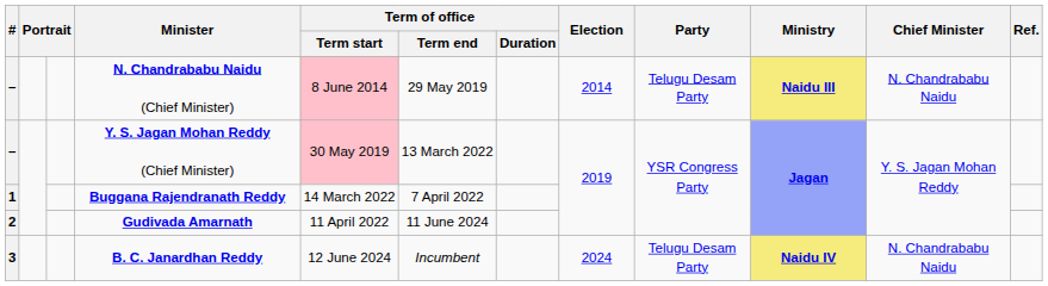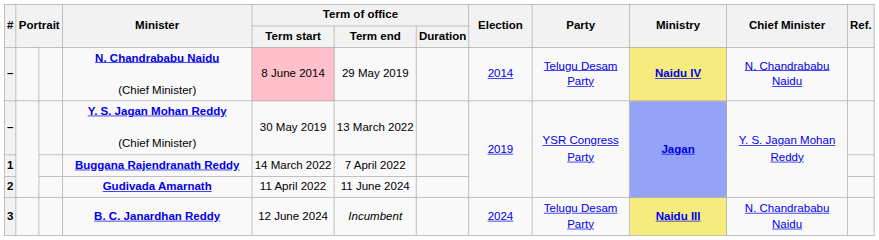 <table class="wikitable" style="line-height:1.4em; text-align:center">
 <tr>
 <th rowspan=2>#</th>
 <th rowspan=2 colspan="2">Portrait</th>
 <th rowspan=2 style="width:16em">Minister<br></th>
 <th colspan="3">Term of office</th>
 <th rowspan=2 style="width:5em">Election<br></th>
 <th rowspan=2 style="width:8em">Party</th>
 <th rowspan=2 style="width:8em">Ministry</th>
 <th rowspan=2 style="width:10em">Chief Minister</th>
 <th rowspan=2>Ref.</th>
 </tr>
 <tr>
 <th>Term start</th>
 <th>Term end</th>
 <th>Duration</th>
 </tr>
 <tr>
 <th>–</th>
 <td></td>
 <td></td>
 <td><strong><a href='#'>N. Chandrababu Naidu</a></strong><br><br>(Chief Minister)</td>
 <td style="background: pink;">8 June 2014</td>
 <td>29 May 2019</td>
 <td><strong></strong></td>
 <td><a href='#'>2014</a><br></td>
 <td><a href='#'>Telugu Desam Party</a></td>
-<td bgcolor="#F5EC7D"><strong><a href='#'>Naidu III</a></strong></td>
+<td bgcolor="#F5EC7D"><strong><a href='#'>Naidu IV</a></strong></td>
 <td><a href='#'>N. Chandrababu Naidu</a></td>
 <td></td>
 </tr>
 <tr>
 <th>–</th>
 <td rowspan=3></td>
 <td></td>
 <td><strong><a href='#'>Y. S. Jagan Mohan Reddy</a></strong><br><br>(Chief Minister)</td>
-<td style="background: pink;">30 May 2019</td>
+<td>30 May 2019</td>
 <td>13 March 2022</td>
 <td><strong></strong></td>
 <td rowspan=3><a href='#'>2019</a><br></td>
 <td rowspan="3"><a href='#'>YSR Congress Party</a></td>
 <td rowspan=3 bgcolor="#94A2F7"><strong><a href='#'>Jagan</a></strong></td>
 <td rowspan="3"><a href='#'>Y. S. Jagan Mohan Reddy</a></td>
 <td></td>
 </tr>
 <tr>
 <th>1</th>
 <td></td>
 <td><strong><a href='#'>Buggana Rajendranath Reddy</a></strong><br></td>
 <td>14 March 2022</td>
 <td>7 April 2022</td>
 <td><strong></strong></td>
 <td></td>
 </tr>
 <tr>
 <th>2</th>
 <td></td>
 <td><strong><a href='#'>Gudivada Amarnath</a></strong><br></td>
 <td>11 April 2022</td>
 <td>11 June 2024</td>
 <td><strong></strong></td>
 <td></td>
 </tr>
 <tr>
 <th>3</th>
 <td></td>
 <td></td>
 <td><strong><a href='#'>B. C. Janardhan Reddy</a></strong><br></td>
 <td>12 June 2024</td>
 <td><em>Incumbent</em></td>
 <td><strong></strong></td>
 <td><a href='#'>2024</a><br></td>
 <td><a href='#'>Telugu Desam Party</a></td>
-<td bgcolor="#F5EC7D"><strong><a href='#'>Naidu IV</a></strong></td>
+<td bgcolor="#F5EC7D"><strong><a href='#'>Naidu III</a></strong></td>
 <td><a href='#'>N. Chandrababu Naidu</a></td>
 <td></td>
 </tr>
 </table>
